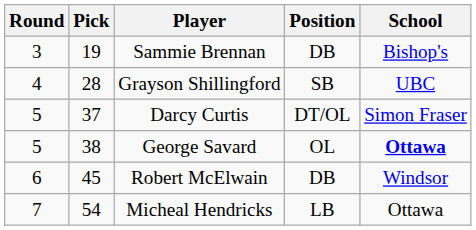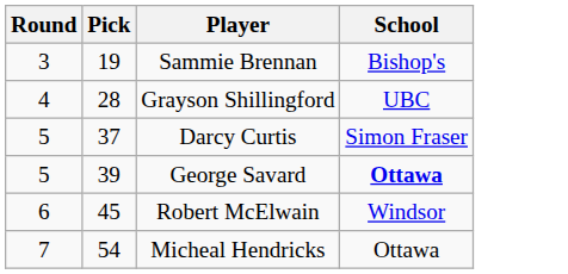 <table class="wikitable" style="font-size: 95%;">
 <tr>
 <th scope="col">Round</th>
 <th scope="col">Pick</th>
 <th scope="col">Player</th>
-<th scope="col">Position</th>
 <th scope="col">School</th>
 </tr>
 <tr style="text-align:center;">
 <td align=center>3</td>
 <td>19</td>
 <td>Sammie Brennan</td>
-<td>DB</td>
 <td><a href='#'>Bishop's</a></td>
 </tr>
 <tr style="text-align:center;">
 <td align=center>4</td>
 <td>28</td>
 <td>Grayson Shillingford</td>
-<td>SB</td>
 <td><a href='#'>UBC</a></td>
 </tr>
 <tr style="text-align:center;">
 <td align=center>5</td>
 <td>37</td>
 <td>Darcy Curtis</td>
-<td>DT/OL</td>
 <td><a href='#'>Simon Fraser</a></td>
 </tr>
 <tr style="text-align:center;">
 <td align=center>5</td>
-<td>38</td>
+<td>39</td>
 <td>George Savard</td>
-<td>OL</td>
 <td><strong><a href='#'>Ottawa</a></strong></td>
 </tr>
 <tr style="text-align:center;">
 <td align=center>6</td>
 <td>45</td>
 <td>Robert McElwain</td>
-<td>DB</td>
 <td><a href='#'>Windsor</a></td>
 </tr>
 <tr style="text-align:center;">
 <td align=center>7</td>
 <td>54</td>
 <td>Micheal Hendricks</td>
-<td>LB</td>
 <td>Ottawa</td>
 </tr>
 </table>
